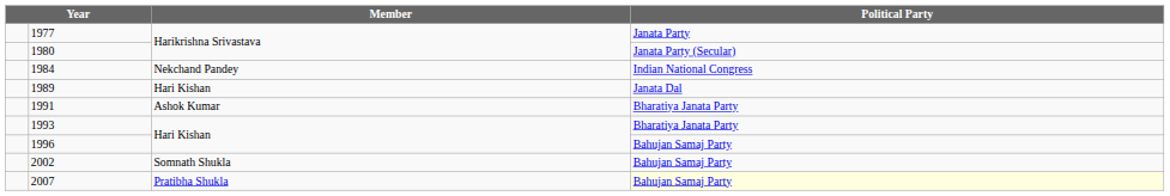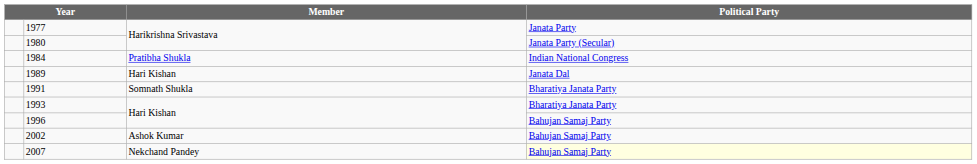 <table class="wikitable" width=80%>
 <tr>
 <th style="background-color:#666666; color:white" colspan="2">Year</th>
 <th style="background-color:#666666; color:white">Member</th>
 <th style="background-color:#666666; color:white">Political Party</th>
 </tr>
 <tr>
 <td style="background-color: "></td>
 <td>1977</td>
 <td rowspan="2">Harikrishna Srivastava</td>
 <td><a href='#'>Janata Party</a></td>
 </tr>
 <tr>
 <td style="background-color: "></td>
 <td>1980</td>
 <td><a href='#'>Janata Party (Secular)</a></td>
 </tr>
 <tr>
 <td style="background-color: "></td>
 <td>1984</td>
-<td>Nekchand Pandey</td>
+<td><a href='#'>Pratibha Shukla</a></td>
 <td><a href='#'>Indian National Congress</a></td>
 </tr>
 <tr>
 <td style="background-color: "></td>
 <td>1989</td>
 <td>Hari Kishan</td>
 <td><a href='#'>Janata Dal</a></td>
 </tr>
 <tr>
 <td style="background-color: "></td>
 <td>1991</td>
-<td>Ashok Kumar</td>
+<td>Somnath Shukla</td>
 <td><a href='#'>Bharatiya Janata Party</a></td>
 </tr>
 <tr>
 <td style="background-color: "></td>
 <td>1993</td>
 <td rowspan="2">Hari Kishan</td>
 <td><a href='#'>Bharatiya Janata Party</a></td>
 </tr>
 <tr>
 <td style="background-color: "></td>
 <td>1996</td>
 <td><a href='#'>Bahujan Samaj Party</a></td>
 </tr>
 <tr>
 <td style="background-color: "></td>
 <td>2002</td>
-<td>Somnath Shukla</td>
+<td>Ashok Kumar</td>
 <td><a href='#'>Bahujan Samaj Party</a></td>
 </tr>
 <tr>
 <td style="background-color: "></td>
 <td>2007</td>
-<td><a href='#'>Pratibha Shukla</a></td>
+<td>Nekchand Pandey</td>
 <td style="background: lightyellow;"><a href='#'>Bahujan Samaj Party</a></td>
 </tr>
 </table>
